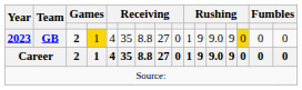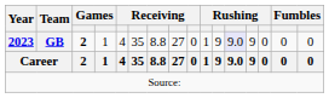 <table class=wikitable style="text-align:center;">
 <tr>
 <th rowspan="2">Year</th>
 <th rowspan="2">Team</th>
 <th colspan="2">Games</th>
 <th colspan="5">Receiving</th>
 <th colspan="5">Rushing</th>
 <th colspan="2">Fumbles</th>
 </tr>
 <tr>
 <th></th>
 <th></th>
 <th></th>
 <th></th>
 <th></th>
 <th></th>
 <th></th>
 <th></th>
 <th></th>
 <th></th>
 <th></th>
 <th></th>
 <th></th>
 <th></th>
 </tr>
 <tr>
 <th><a href='#'>2023</a></th>
 <th><a href='#'>GB</a></th>
 <td><strong>2</strong></td>
-<td style="background: gold;">1</td>
+<td>1</td>
 <td>4</td>
 <td>35</td>
 <td>8.8</td>
 <td>27</td>
 <td>0</td>
 <td>1</td>
 <td>9</td>
-<td>9.0</td>
+<td style="background: lavender;">9.0</td>
 <td>9</td>
-<td style="background: gold;">0</td>
+<td>0</td>
 <td>0</td>
 <td>0</td>
 </tr>
 <tr>
 <th colspan="2">Career</th>
 <th>2</th>
 <th>1</th>
 <th>4</th>
 <th>35</th>
 <th>8.8</th>
 <th>27</th>
 <th>0</th>
 <th>1</th>
 <th>9</th>
 <th>9.0</th>
 <th>9</th>
 <th>0</th>
 <th>0</th>
 <th>0</th>
 </tr>
 <tr>
 <td colspan="16"><small>Source: </small></td>
 </tr>
 </table>
